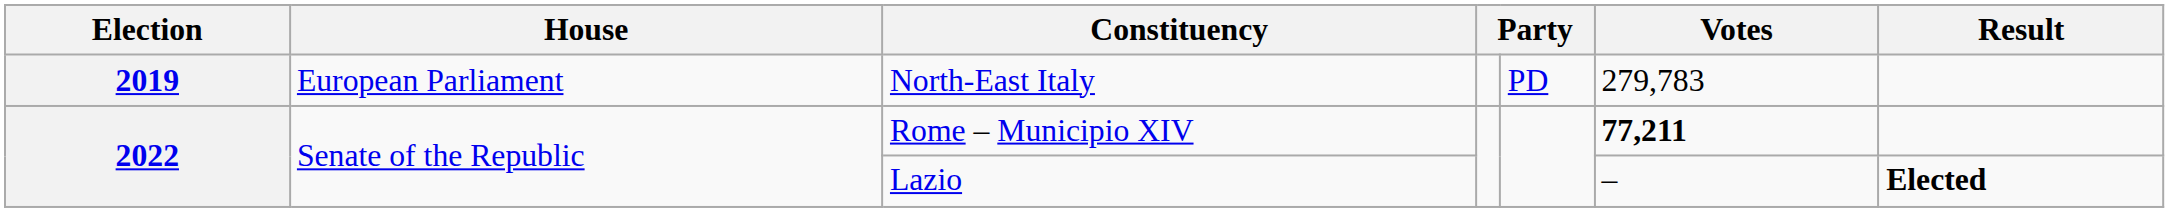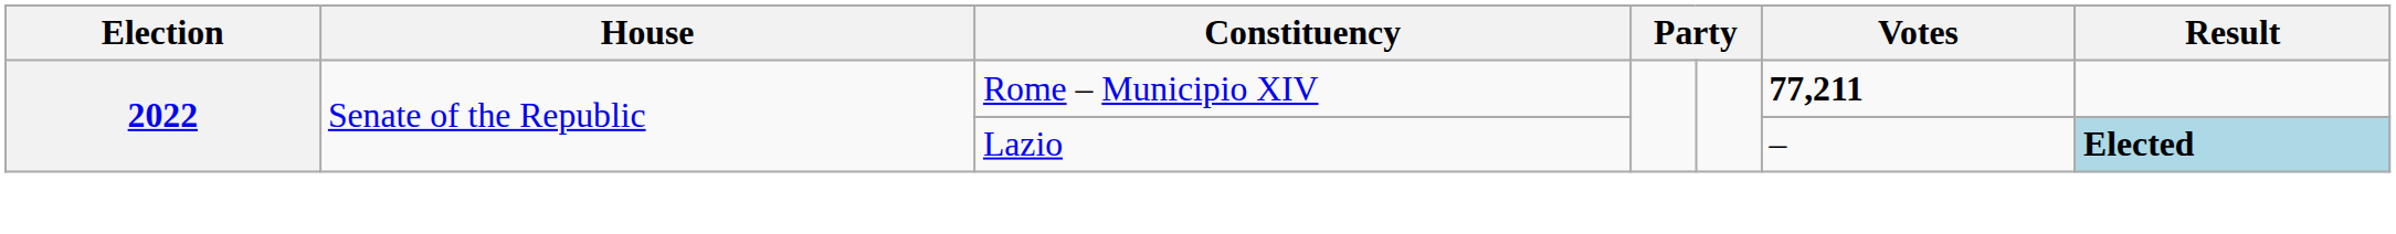 <table class=wikitable style="width:55%; border:1px #AAAAFF solid">
 <tr>
 <th width=12%>Election</th>
 <th width=25%>House</th>
 <th width=25%>Constituency</th>
 <th width=5% colspan="2">Party</th>
 <th width=12%>Votes</th>
 <th width=12%>Result</th>
-</tr>
-<tr>
-<th><a href='#'>2019</a></th>
-<td><a href='#'>European Parliament</a></td>
-<td><a href='#'>North-East Italy</a></td>
-<td></td>
-<td><a href='#'>PD</a></td>
-<td>279,783</td>
-<td></td>
 </tr>
 <tr>
 <th rowspan=2><a href='#'>2022</a></th>
 <td rowspan=2><a href='#'>Senate of the Republic</a></td>
 <td><a href='#'>Rome</a> – <a href='#'>Municipio XIV</a></td>
 <td rowspan=2></td>
 <td rowspan=2></td>
 <td><strong>77,211</strong></td>
 <td></td>
 </tr>
 <tr>
 <td><a href='#'>Lazio</a></td>
 <td>–</td>
-<td> <strong>Elected</strong></td>
+<td style="background: lightblue;"> <strong>Elected</strong></td>
 </tr>
 </table>
